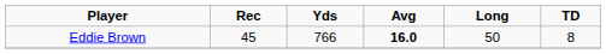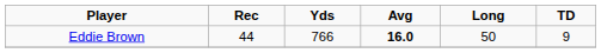 <table class="wikitable" width="80%">
 <tr align="center">
 <td><strong>Player</strong></td>
 <td><strong>Rec</strong></td>
 <td><strong>Yds</strong></td>
 <td><strong>Avg</strong></td>
 <td><strong>Long</strong></td>
 <td><strong>TD</strong></td>
 </tr>
 <tr align="center" bgcolor="">
 <td><a href='#'>Eddie Brown</a></td>
-<td>45</td>
+<td>44</td>
 <td>766</td>
 <td><strong>16.0</strong></td>
 <td>50</td>
-<td>8</td>
+<td>9</td>
 </tr>
 <tr align="center" bgcolor="">
 </tr>
 </table>
